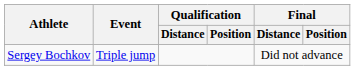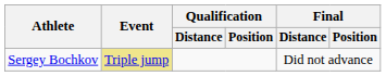 <table class=wikitable style="font-size:90%">
 <tr>
 <th rowspan="2">Athlete</th>
 <th rowspan="2">Event</th>
 <th colspan="2">Qualification</th>
 <th colspan="2">Final</th>
 </tr>
 <tr style="font-size:95%">
 <th>Distance</th>
 <th>Position</th>
 <th>Distance</th>
 <th>Position</th>
 </tr>
 <tr align=center>
 <td align=left><a href='#'>Sergey Bochkov</a></td>
-<td align=left><a href='#'>Triple jump</a></td>
+<td align=left style="background: khaki;"><a href='#'>Triple jump</a></td>
 <td colspan=2></td>
 <td colspan=2>Did not advance</td>
 </tr>
 </table>
